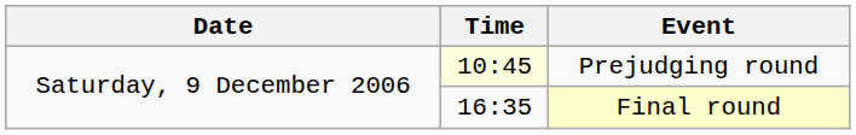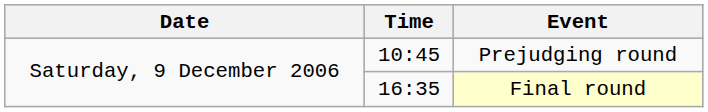 <table class = "wikitable" style="text-align:center;">
 <tr>
 <th width=220>Date</th>
 <th width=50>Time</th>
 <th width=150>Event</th>
 </tr>
 <tr>
 <td rowspan=2>Saturday, 9 December 2006</td>
-<td style="background: lightyellow;">10:45</td>
+<td>10:45</td>
 <td>Prejudging round</td>
 </tr>
 <tr>
 <td>16:35</td>
 <td bgcolor=ffffcc>Final round</td>
 </tr>
 </table>
